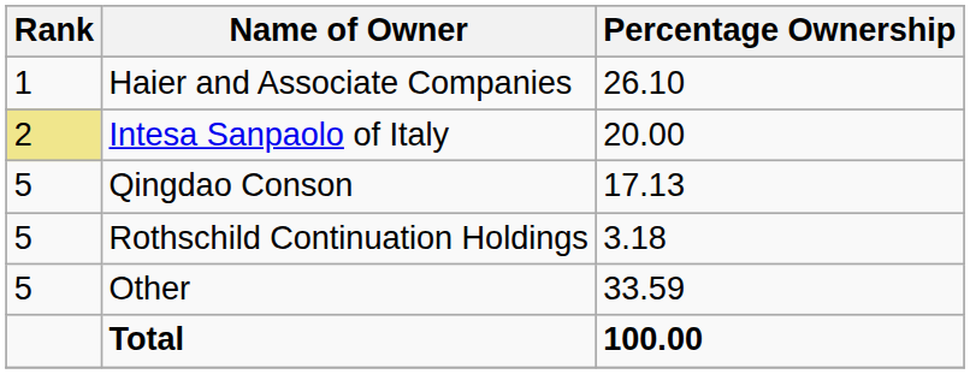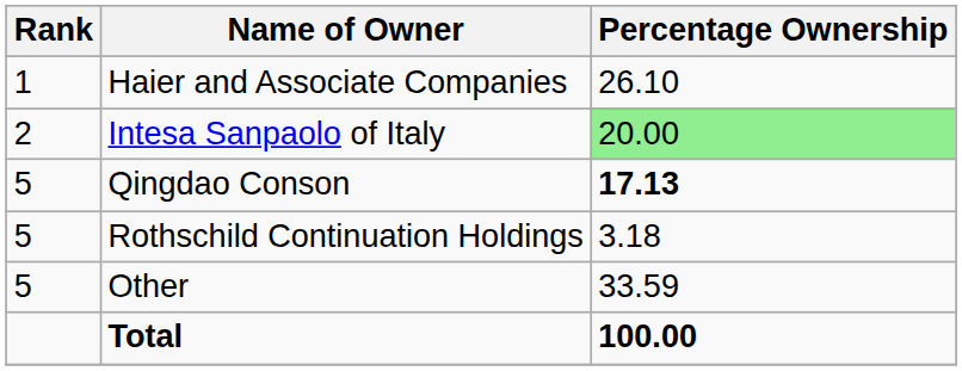 <table class="wikitable sortable" style="margin-left:auto;margin-right:auto">
 <tr>
 <th style="width:2em;">Rank</th>
 <th>Name of Owner</th>
 <th>Percentage Ownership</th>
 </tr>
 <tr>
 <td>1</td>
 <td>Haier and Associate Companies</td>
 <td>26.10</td>
 </tr>
 <tr>
-<td style="background: khaki;">2</td>
+<td>2</td>
 <td><a href='#'>Intesa Sanpaolo</a> of Italy</td>
-<td>20.00</td>
+<td style="background: lightgreen;">20.00</td>
 </tr>
 <tr>
 <td>5</td>
 <td>Qingdao Conson</td>
-<td>17.13</td>
+<td><strong>17.13</strong></td>
 </tr>
 <tr>
 <td>5</td>
 <td>Rothschild Continuation Holdings</td>
 <td>3.18</td>
 </tr>
 <tr>
 <td>5</td>
 <td>Other</td>
 <td>33.59</td>
 </tr>
 <tr>
 <td></td>
 <td><strong>Total</strong></td>
 <td><strong>100.00</strong></td>
 </tr>
 <tr>
 </tr>
 </table>
